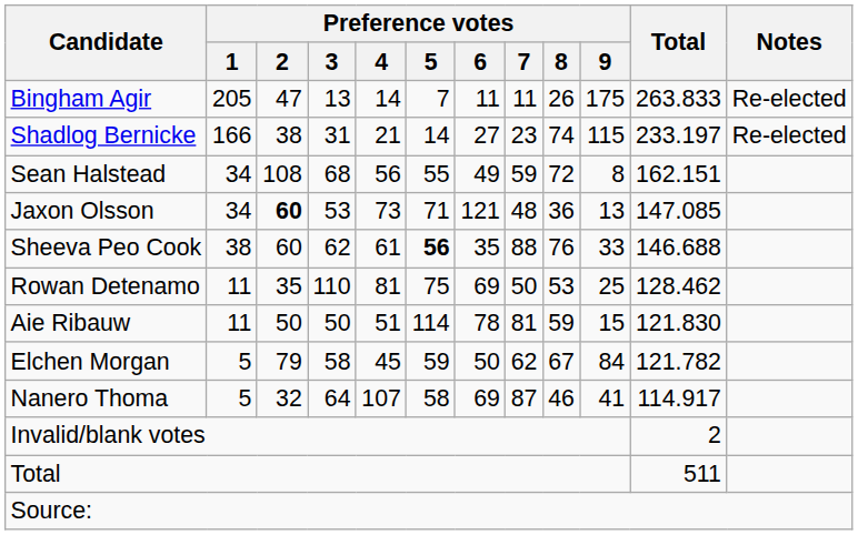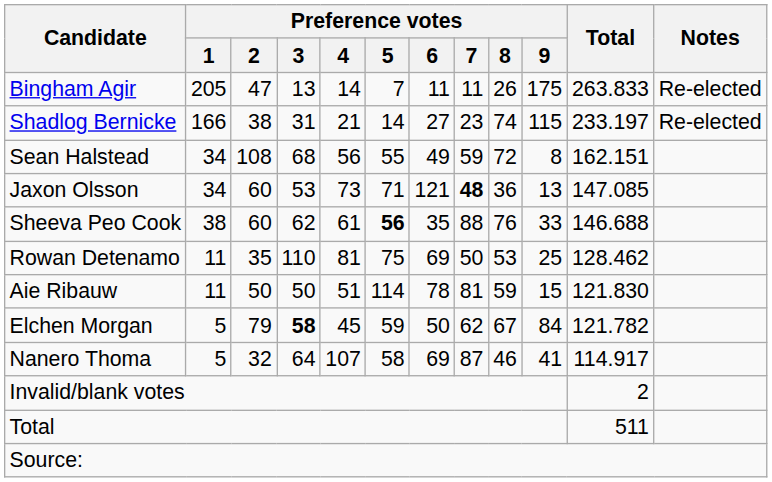 <table class=wikitable style=text-align:right>
 <tr>
 <th rowspan=2>Candidate</th>
 <th colspan=9>Preference votes</th>
 <th rowspan=2>Total</th>
 <th rowspan=2>Notes</th>
 </tr>
 <tr>
 <th>1</th>
 <th>2</th>
 <th>3</th>
 <th>4</th>
 <th>5</th>
 <th>6</th>
 <th>7</th>
 <th>8</th>
 <th>9</th>
 </tr>
 <tr>
 <td align=left><a href='#'>Bingham Agir</a></td>
 <td>205</td>
 <td>47</td>
 <td>13</td>
 <td>14</td>
 <td>7</td>
 <td>11</td>
 <td>11</td>
 <td>26</td>
 <td>175</td>
 <td>263.833</td>
 <td align=left>Re-elected</td>
 </tr>
 <tr>
 <td align=left><a href='#'>Shadlog Bernicke</a></td>
 <td>166</td>
 <td>38</td>
 <td>31</td>
 <td>21</td>
 <td>14</td>
 <td>27</td>
 <td>23</td>
 <td>74</td>
 <td>115</td>
 <td>233.197</td>
 <td align=left>Re-elected</td>
 </tr>
 <tr>
 <td align=left>Sean Halstead</td>
 <td>34</td>
 <td>108</td>
 <td>68</td>
 <td>56</td>
 <td>55</td>
 <td>49</td>
 <td>59</td>
 <td>72</td>
 <td>8</td>
 <td>162.151</td>
 <td></td>
 </tr>
 <tr>
 <td align=left>Jaxon Olsson</td>
 <td>34</td>
-<td><strong>60</strong></td>
+<td>60</td>
 <td>53</td>
 <td>73</td>
 <td>71</td>
 <td>121</td>
-<td>48</td>
+<td><strong>48</strong></td>
 <td>36</td>
 <td>13</td>
 <td>147.085</td>
 <td></td>
 </tr>
 <tr>
 <td align=left>Sheeva Peo Cook</td>
 <td>38</td>
 <td>60</td>
 <td>62</td>
 <td>61</td>
 <td><strong>56</strong></td>
 <td>35</td>
 <td>88</td>
 <td>76</td>
 <td>33</td>
 <td>146.688</td>
 <td></td>
 </tr>
 <tr>
 <td align=left>Rowan Detenamo</td>
 <td>11</td>
 <td>35</td>
 <td>110</td>
 <td>81</td>
 <td>75</td>
 <td>69</td>
 <td>50</td>
 <td>53</td>
 <td>25</td>
 <td>128.462</td>
 <td></td>
 </tr>
 <tr>
 <td align=left>Aie Ribauw</td>
 <td>11</td>
 <td>50</td>
 <td>50</td>
 <td>51</td>
 <td>114</td>
 <td>78</td>
 <td>81</td>
 <td>59</td>
 <td>15</td>
 <td>121.830</td>
 <td></td>
 </tr>
 <tr>
 <td align=left>Elchen Morgan</td>
 <td>5</td>
 <td>79</td>
-<td>58</td>
+<td><strong>58</strong></td>
 <td>45</td>
 <td>59</td>
 <td>50</td>
 <td>62</td>
 <td>67</td>
 <td>84</td>
 <td>121.782</td>
 <td></td>
 </tr>
 <tr>
 <td align=left>Nanero Thoma</td>
 <td>5</td>
 <td>32</td>
 <td>64</td>
 <td>107</td>
 <td>58</td>
 <td>69</td>
 <td>87</td>
 <td>46</td>
 <td>41</td>
 <td>114.917</td>
 <td></td>
 </tr>
 <tr>
 <td align=left colspan=10>Invalid/blank votes</td>
 <td>2</td>
 <td></td>
 </tr>
 <tr>
 <td align=left colspan=10>Total</td>
 <td>511</td>
 <td></td>
 </tr>
 <tr>
 <td align=left colspan=12>Source: </td>
 </tr>
 </table>
